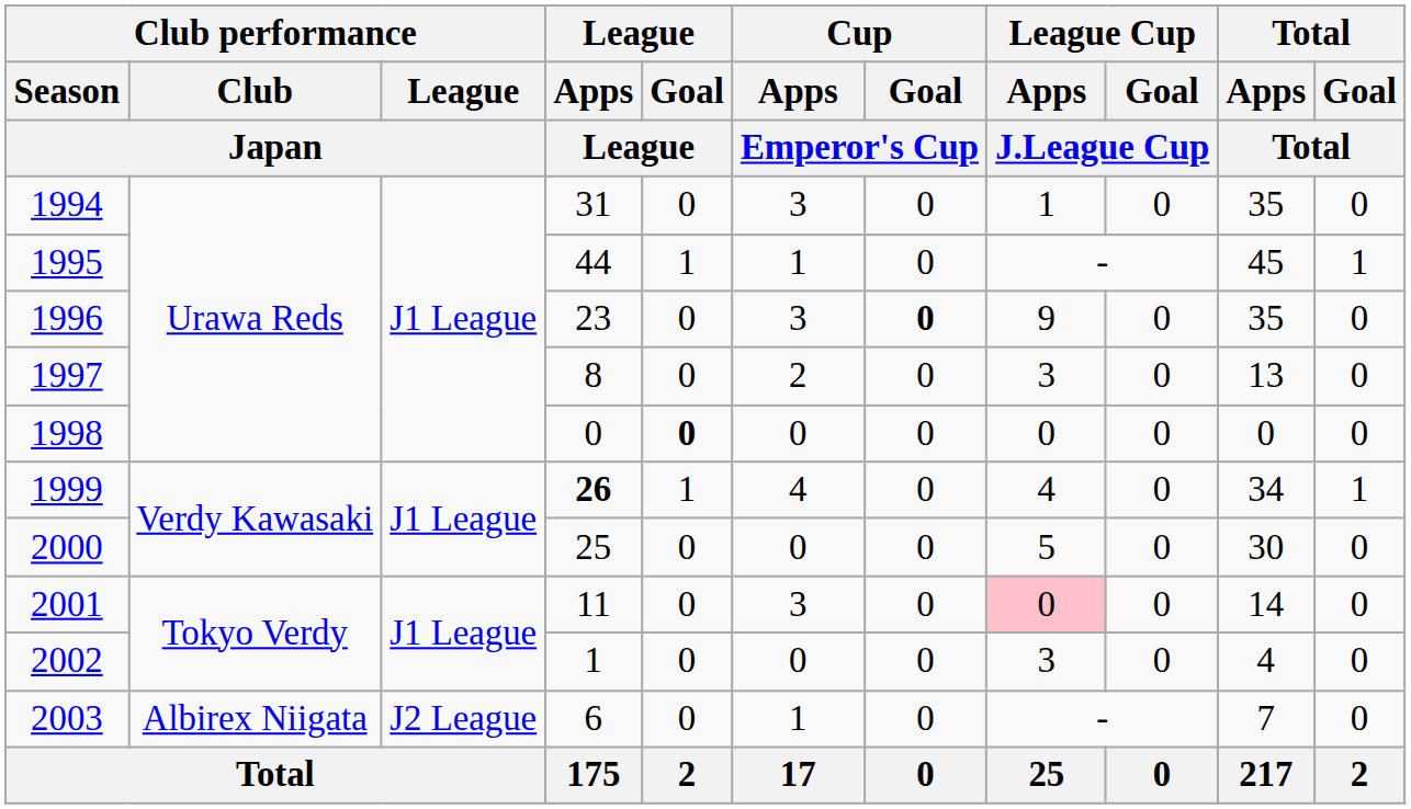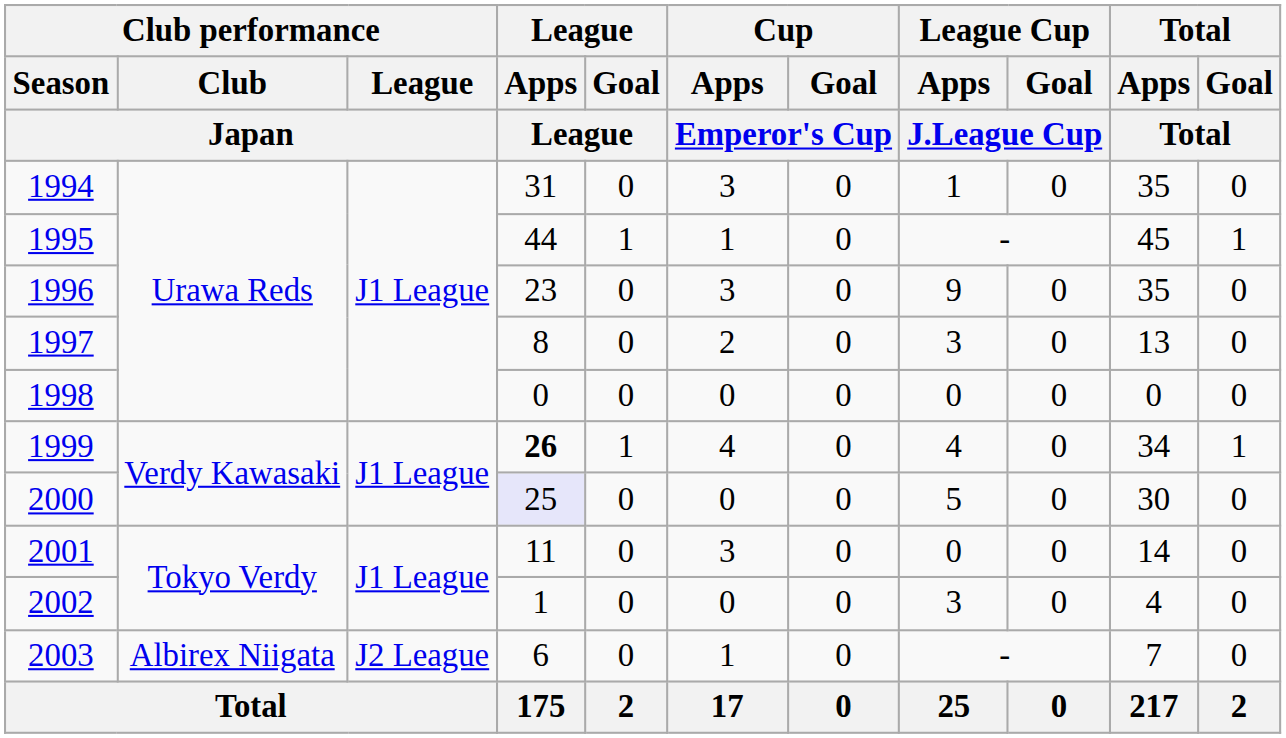 <table class="wikitable" style="text-align:center;">
 <tr>
 <th colspan=3>Club performance</th>
 <th colspan=2>League</th>
 <th colspan=2>Cup</th>
 <th colspan=2>League Cup</th>
 <th colspan=2>Total</th>
 </tr>
 <tr>
 <th>Season</th>
 <th>Club</th>
 <th>League</th>
 <th>Apps</th>
 <th>Goal</th>
 <th>Apps</th>
 <th>Goal</th>
 <th>Apps</th>
 <th>Goal</th>
 <th>Apps</th>
 <th>Goal</th>
 </tr>
 <tr>
 <th colspan=3>Japan</th>
 <th colspan=2>League</th>
 <th colspan=2><a href='#'>Emperor's Cup</a></th>
 <th colspan=2><a href='#'>J.League Cup</a></th>
 <th colspan=2>Total</th>
 </tr>
 <tr>
 <td><a href='#'>1994</a></td>
 <td rowspan="5"><a href='#'>Urawa Reds</a></td>
 <td rowspan="5"><a href='#'>J1 League</a></td>
 <td>31</td>
 <td>0</td>
 <td>3</td>
 <td>0</td>
 <td>1</td>
 <td>0</td>
 <td>35</td>
 <td>0</td>
 </tr>
 <tr>
 <td><a href='#'>1995</a></td>
 <td>44</td>
 <td>1</td>
 <td>1</td>
 <td>0</td>
 <td colspan="2">-</td>
 <td>45</td>
 <td>1</td>
 </tr>
 <tr>
 <td><a href='#'>1996</a></td>
 <td>23</td>
 <td>0</td>
 <td>3</td>
-<td><strong>0</strong></td>
+<td>0</td>
 <td>9</td>
 <td>0</td>
 <td>35</td>
 <td>0</td>
 </tr>
 <tr>
 <td><a href='#'>1997</a></td>
 <td>8</td>
 <td>0</td>
 <td>2</td>
 <td>0</td>
 <td>3</td>
 <td>0</td>
 <td>13</td>
 <td>0</td>
 </tr>
 <tr>
 <td><a href='#'>1998</a></td>
 <td>0</td>
-<td><strong>0</strong></td>
+<td>0</td>
 <td>0</td>
 <td>0</td>
 <td>0</td>
 <td>0</td>
 <td>0</td>
 <td>0</td>
 </tr>
 <tr>
 <td><a href='#'>1999</a></td>
 <td rowspan="2"><a href='#'>Verdy Kawasaki</a></td>
 <td rowspan="2"><a href='#'>J1 League</a></td>
 <td><strong>26</strong></td>
 <td>1</td>
 <td>4</td>
 <td>0</td>
 <td>4</td>
 <td>0</td>
 <td>34</td>
 <td>1</td>
 </tr>
 <tr>
 <td><a href='#'>2000</a></td>
-<td>25</td>
+<td style="background: lavender;">25</td>
 <td>0</td>
 <td>0</td>
 <td>0</td>
 <td>5</td>
 <td>0</td>
 <td>30</td>
 <td>0</td>
 </tr>
 <tr>
 <td><a href='#'>2001</a></td>
 <td rowspan="2"><a href='#'>Tokyo Verdy</a></td>
 <td rowspan="2"><a href='#'>J1 League</a></td>
 <td>11</td>
 <td>0</td>
 <td>3</td>
 <td>0</td>
-<td style="background: pink;">0</td>
+<td>0</td>
 <td>0</td>
 <td>14</td>
 <td>0</td>
 </tr>
 <tr>
 <td><a href='#'>2002</a></td>
 <td>1</td>
 <td>0</td>
 <td>0</td>
 <td>0</td>
 <td>3</td>
 <td>0</td>
 <td>4</td>
 <td>0</td>
 </tr>
 <tr>
 <td><a href='#'>2003</a></td>
 <td><a href='#'>Albirex Niigata</a></td>
 <td><a href='#'>J2 League</a></td>
 <td>6</td>
 <td>0</td>
 <td>1</td>
 <td>0</td>
 <td colspan="2">-</td>
 <td>7</td>
 <td>0</td>
 </tr>
 <tr>
 <th colspan=3>Total</th>
 <th>175</th>
 <th>2</th>
 <th>17</th>
 <th>0</th>
 <th>25</th>
 <th>0</th>
 <th>217</th>
 <th>2</th>
 </tr>
 </table>
